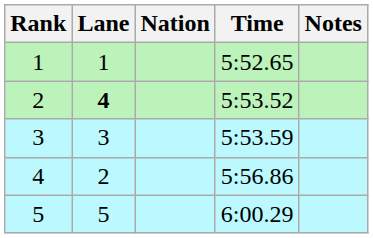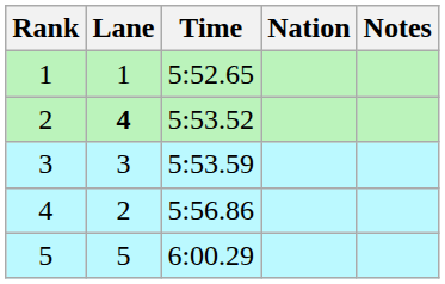 <table class="wikitable sortable" style="text-align:center">
 <tr>
 <th>Rank</th>
 <th>Lane</th>
+<th>Time</th>
 <th>Nation</th>
-<th>Time</th>
 <th>Notes</th>
 </tr>
 <tr bgcolor=bbf3bb>
 <td>1</td>
 <td>1</td>
+<td>5:52.65</td>
 <td align=left></td>
-<td>5:52.65</td>
 <td></td>
 </tr>
 <tr bgcolor=bbf3bb>
 <td>2</td>
 <td><strong>4</strong></td>
+<td>5:53.52</td>
 <td align=left></td>
-<td>5:53.52</td>
 <td></td>
 </tr>
 <tr bgcolor=bbf9ff>
 <td>3</td>
 <td>3</td>
+<td>5:53.59</td>
 <td align=left></td>
-<td>5:53.59</td>
 <td></td>
 </tr>
 <tr bgcolor=bbf9ff>
 <td>4</td>
 <td>2</td>
+<td>5:56.86</td>
 <td align=left></td>
-<td>5:56.86</td>
 <td></td>
 </tr>
 <tr bgcolor=bbf9ff>
 <td>5</td>
 <td>5</td>
+<td>6:00.29</td>
 <td align=left></td>
-<td>6:00.29</td>
 <td></td>
 </tr>
 </table>
